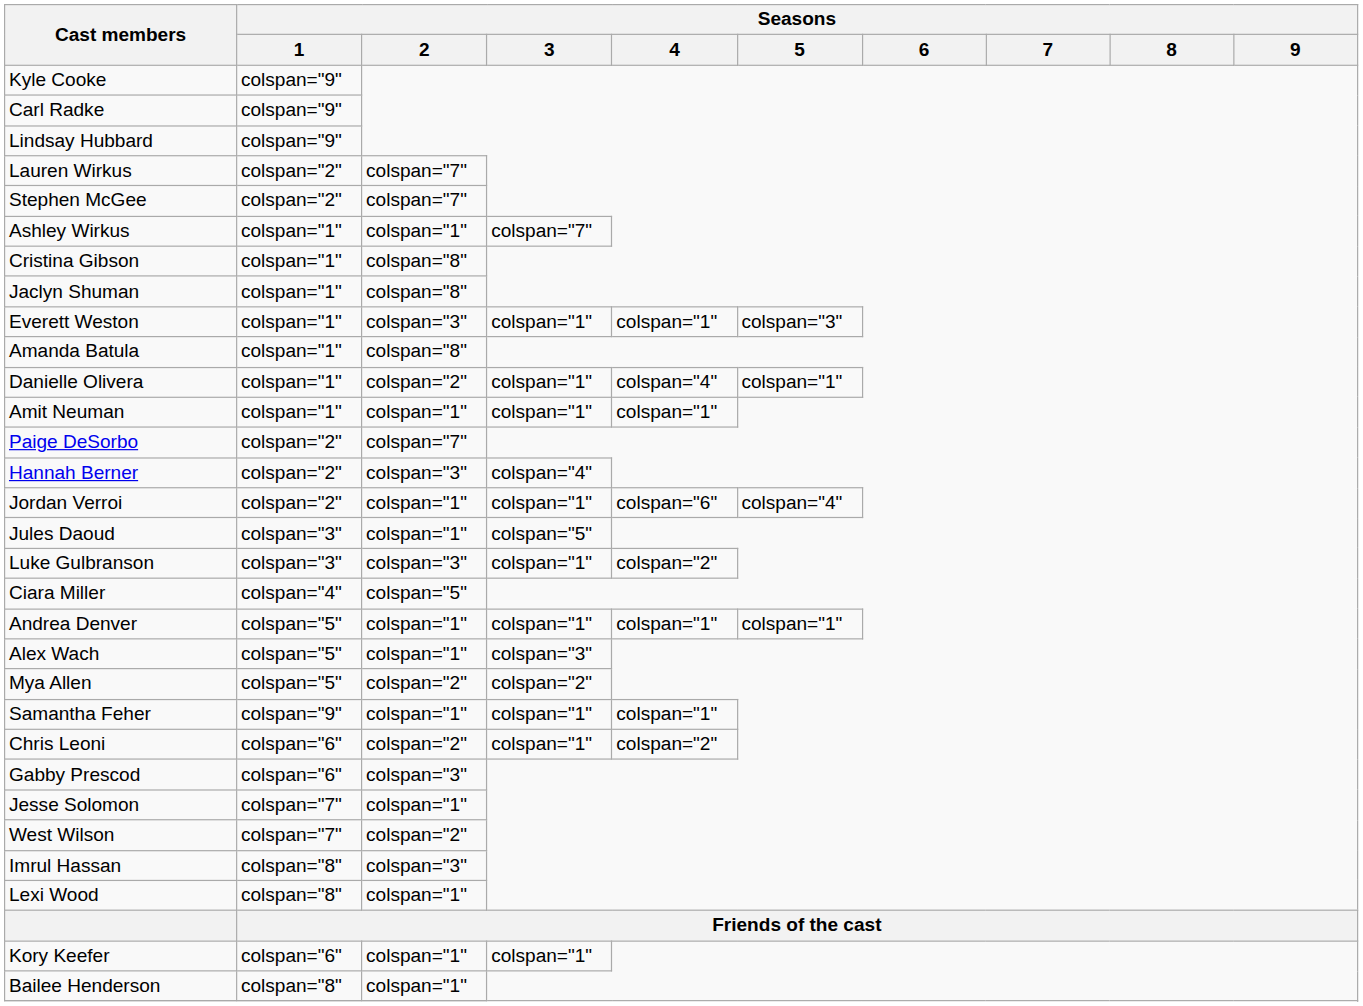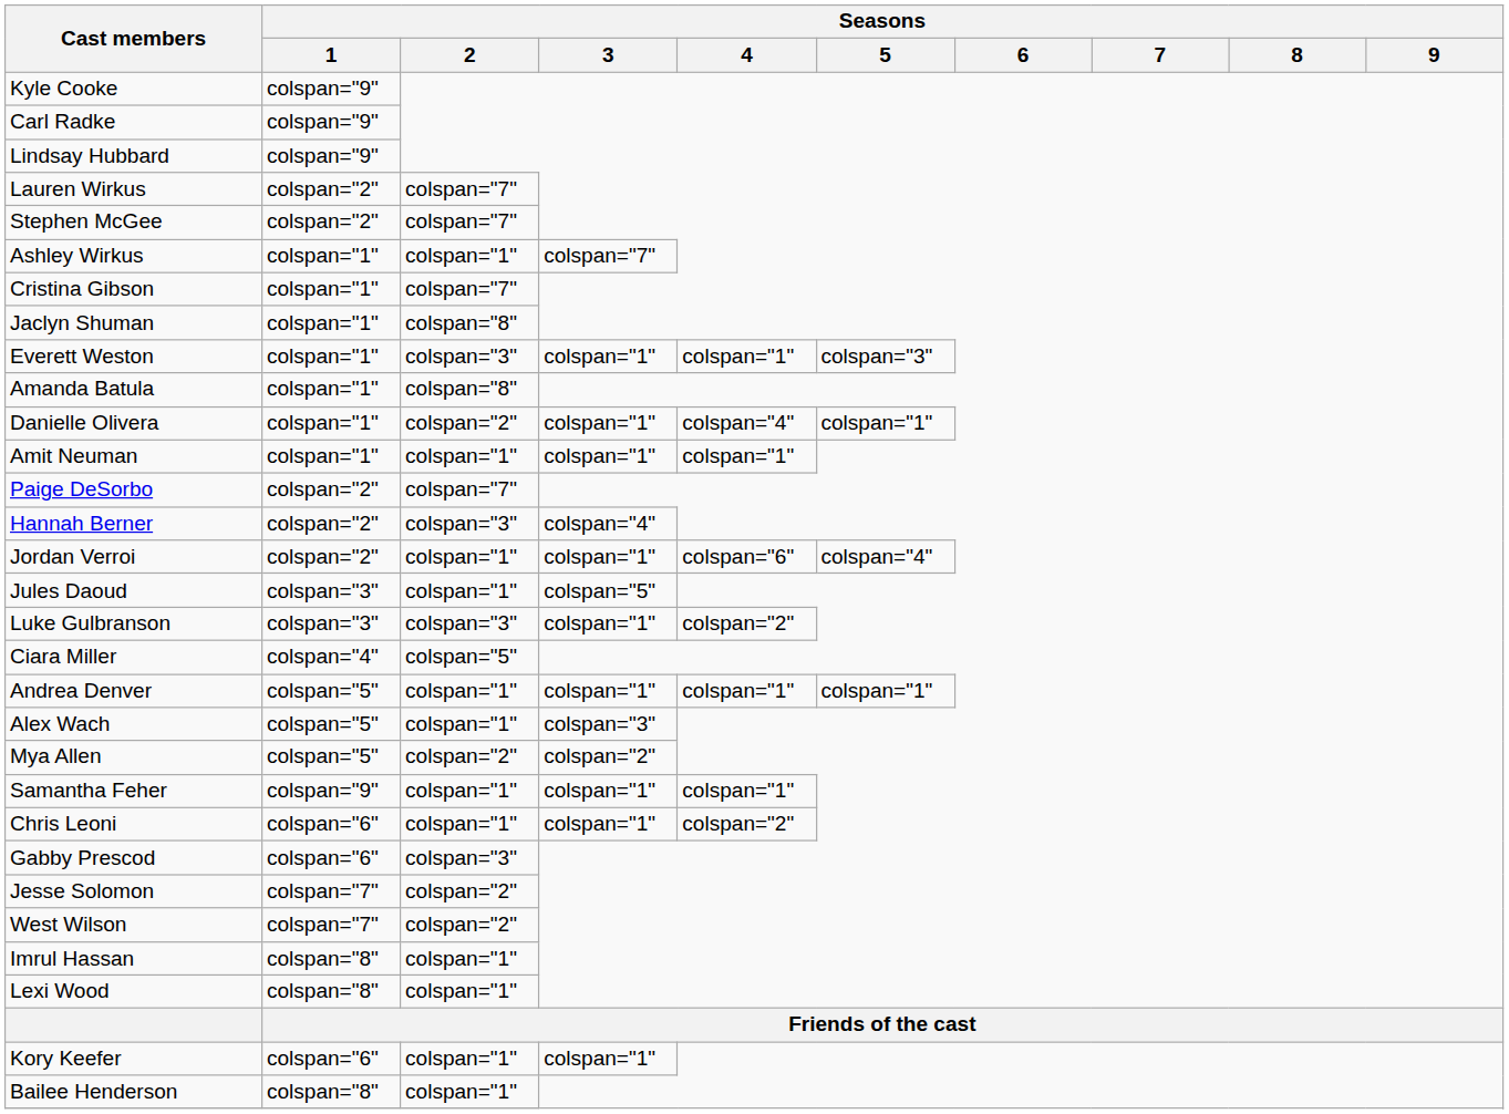 <table class="wikitable plainrowheaders" style="width:90%;">
 <tr>
 <th scope="col" rowspan="2" style="width:15%;">Cast members</th>
 <th colspan="9" scope="col">Seasons</th>
 </tr>
 <tr>
 <th scope="col" style="width:8%;">1</th>
 <th scope="col" style="width:8%;">2</th>
 <th scope="col" style="width:8%;">3</th>
 <th scope="col" style="width:8%;">4</th>
 <th scope="col" style="width:8%;">5</th>
 <th scope="col" style="width:8%;">6</th>
 <th scope="col" style="width:8%;">7</th>
 <th scope="col" style="width:8%;">8</th>
 <th scope="col" style="width:8%;">9</th>
 </tr>
 <tr>
 <td>Kyle Cooke</td>
 <td>colspan="9" </td>
 </tr>
 <tr>
 <td>Carl Radke</td>
 <td>colspan="9" </td>
 </tr>
 <tr>
 <td nowrap="">Lindsay Hubbard</td>
 <td>colspan="9" </td>
 </tr>
 <tr>
 <td>Lauren Wirkus</td>
 <td>colspan="2" </td>
 <td>colspan="7" </td>
 </tr>
 <tr>
 <td>Stephen McGee</td>
 <td>colspan="2" </td>
 <td>colspan="7" </td>
 </tr>
 <tr>
 <td>Ashley Wirkus</td>
 <td>colspan="1" </td>
 <td>colspan="1" </td>
 <td>colspan="7" </td>
 </tr>
 <tr>
 <td>Cristina Gibson</td>
 <td>colspan="1" </td>
-<td>colspan="8" </td>
+<td>colspan="7" </td>
 </tr>
 <tr>
 <td>Jaclyn Shuman</td>
 <td>colspan="1" </td>
 <td>colspan="8" </td>
 </tr>
 <tr>
 <td>Everett Weston</td>
 <td>colspan="1" </td>
 <td>colspan="3" </td>
 <td>colspan="1" </td>
 <td>colspan="1" </td>
 <td>colspan="3" </td>
 </tr>
 <tr>
 <td>Amanda Batula</td>
 <td>colspan="1" </td>
 <td>colspan="8" </td>
 </tr>
 <tr>
 <td>Danielle Olivera</td>
 <td>colspan="1" </td>
 <td>colspan="2" </td>
 <td>colspan="1" </td>
 <td>colspan="4" </td>
 <td>colspan="1" </td>
 </tr>
 <tr>
 <td>Amit Neuman</td>
 <td>colspan="1" </td>
 <td>colspan="1" </td>
 <td>colspan="1" </td>
 <td>colspan="1" </td>
 </tr>
 <tr>
 <td nowrap=""><a href='#'>Paige DeSorbo</a></td>
 <td>colspan="2" </td>
 <td>colspan="7" </td>
 </tr>
 <tr>
 <td><a href='#'>Hannah Berner</a></td>
 <td>colspan="2" </td>
 <td>colspan="3" </td>
 <td>colspan="4" </td>
 </tr>
 <tr>
 <td>Jordan Verroi</td>
 <td>colspan="2" </td>
 <td>colspan="1" </td>
 <td>colspan="1" </td>
 <td>colspan="6" </td>
 <td>colspan="4" </td>
 </tr>
 <tr>
 <td>Jules Daoud</td>
 <td>colspan="3" </td>
 <td>colspan="1" </td>
 <td>colspan="5" </td>
 </tr>
 <tr>
 <td nowrap>Luke Gulbranson</td>
 <td>colspan="3" </td>
 <td>colspan="3" </td>
 <td>colspan="1" </td>
 <td>colspan="2" </td>
 </tr>
 <tr>
 <td>Ciara Miller</td>
 <td>colspan="4" </td>
 <td>colspan="5" </td>
 </tr>
 <tr>
 <td>Andrea Denver</td>
 <td>colspan="5" </td>
 <td>colspan="1" </td>
 <td>colspan="1" </td>
 <td>colspan="1" </td>
 <td>colspan="1" </td>
 </tr>
 <tr>
 <td>Alex Wach</td>
 <td>colspan="5" </td>
 <td>colspan="1" </td>
 <td>colspan="3" </td>
 </tr>
 <tr>
 <td>Mya Allen</td>
 <td>colspan="5" </td>
 <td>colspan="2" </td>
 <td>colspan="2" </td>
 </tr>
 <tr>
 <td nowrap>Samantha Feher</td>
 <td>colspan="9" </td>
 <td>colspan="1" </td>
 <td>colspan="1" </td>
 <td>colspan="1" </td>
 </tr>
 <tr>
 <td>Chris Leoni</td>
 <td>colspan="6" </td>
-<td>colspan="2" </td>
+<td>colspan="1" </td>
 <td>colspan="1" </td>
 <td>colspan="2" </td>
 </tr>
 <tr>
 <td>Gabby Prescod</td>
 <td>colspan="6" </td>
 <td>colspan="3" </td>
 </tr>
 <tr>
 <td>Jesse Solomon</td>
 <td>colspan="7" </td>
-<td>colspan="1" </td>
+<td>colspan="2" </td>
 </tr>
 <tr>
 <td>West Wilson</td>
 <td>colspan="7" </td>
 <td>colspan="2" </td>
 </tr>
 <tr>
 <td>Imrul Hassan</td>
 <td>colspan="8" </td>
-<td>colspan="3" </td>
+<td>colspan="1" </td>
 </tr>
 <tr>
 <td>Lexi Wood</td>
 <td>colspan="8" </td>
 <td>colspan="1" </td>
 </tr>
 <tr>
 <th rowspan="1" style="width:15%;"></th>
 <th colspan="9">Friends of the cast</th>
 </tr>
 <tr>
 <td>Kory Keefer</td>
 <td>colspan="6" </td>
 <td>colspan="1" </td>
 <td>colspan="1" </td>
 </tr>
 <tr>
 <td nowrap>Bailee Henderson</td>
 <td>colspan="8" </td>
 <td>colspan="1" </td>
 </tr>
 <tr>
 </tr>
 </table>
